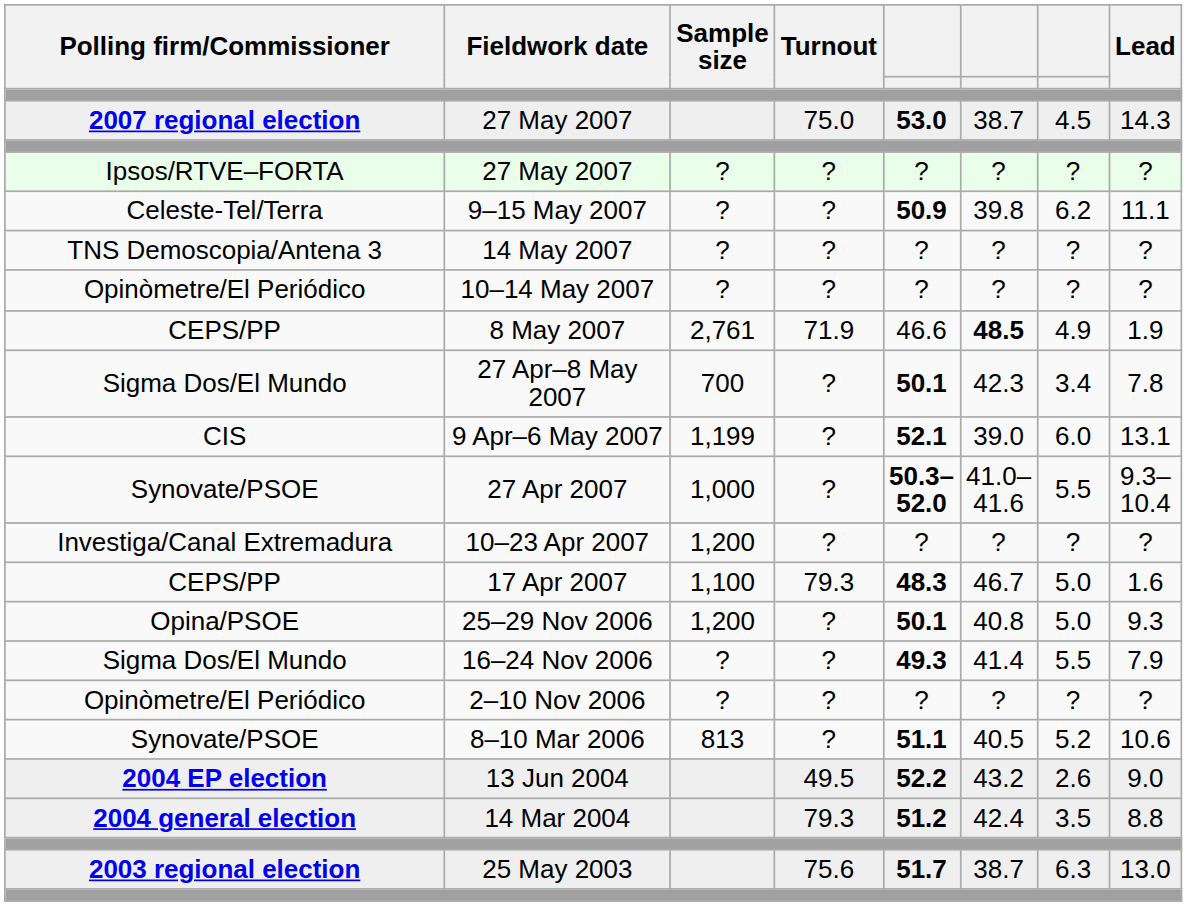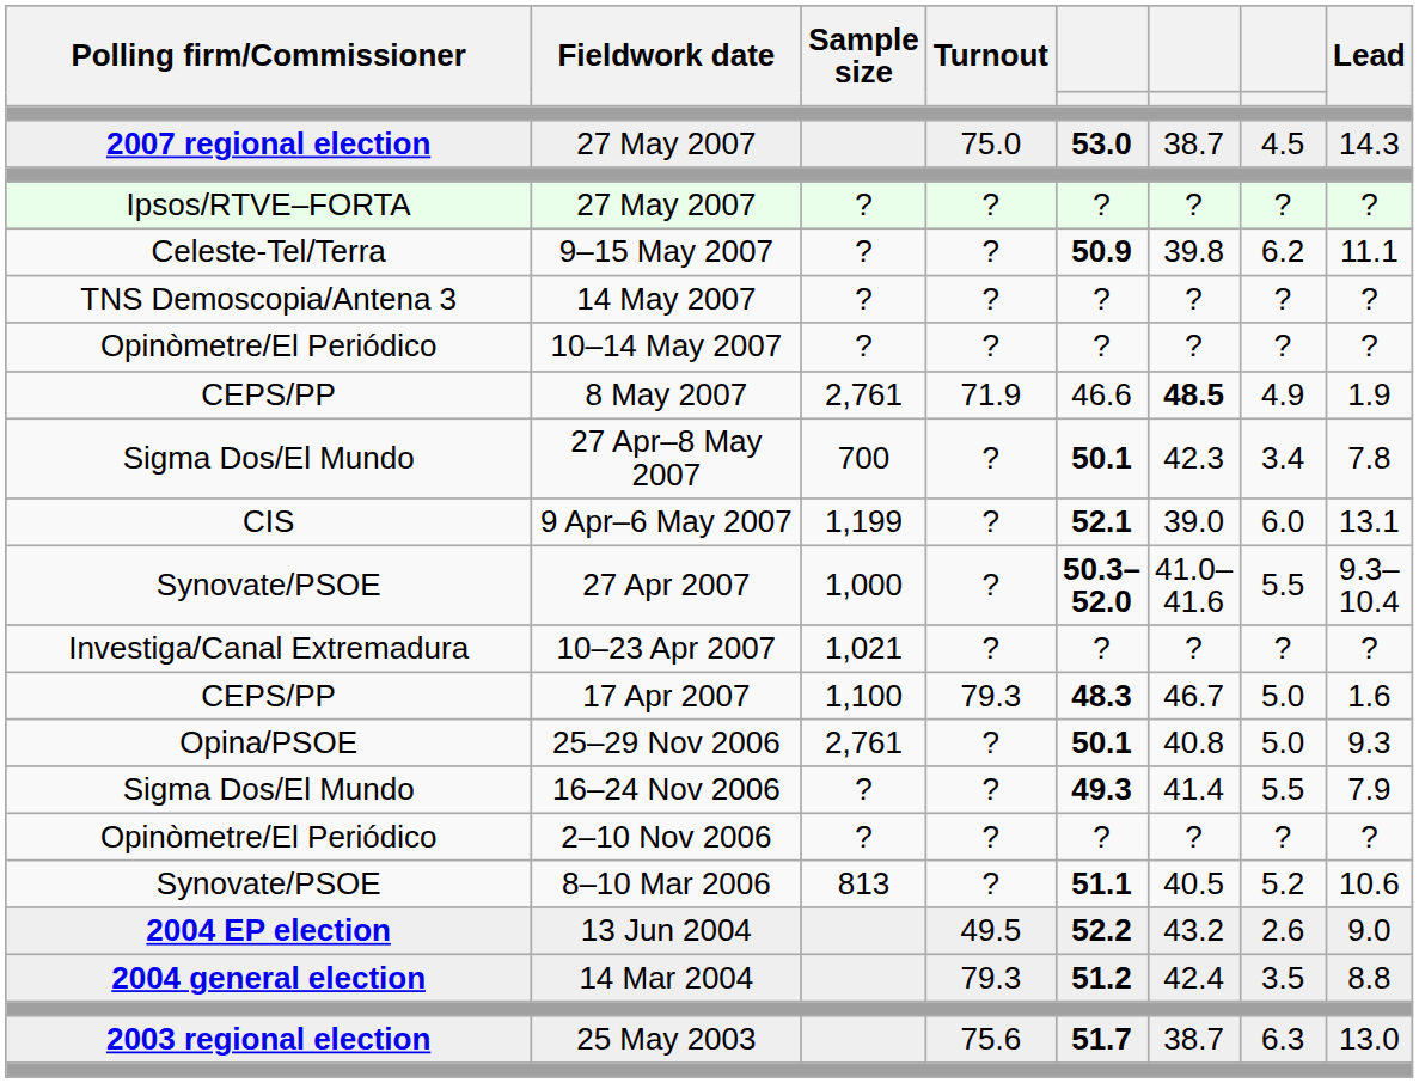 <table class="wikitable collapsible collapsed" style="text-align:center; font-size:95%; line-height:16px;">
 <tr style="height:42px;">
 <th style="width:250px;" rowspan="2">Polling firm/Commissioner</th>
 <th style="width:125px;" rowspan="2">Fieldwork date</th>
 <th style="width:50px;" rowspan="2">Sample size</th>
 <th style="width:45px;" rowspan="2">Turnout</th>
 <th style="width:35px;"></th>
 <th style="width:35px;"></th>
 <th style="width:35px;"></th>
 <th style="width:30px;" rowspan="2">Lead</th>
 </tr>
 <tr>
 <th style="color:inherit;background:"></th>
 <th style="color:inherit;background:"></th>
 <th style="color:inherit;background:"></th>
 </tr>
 <tr>
 <td colspan="8" style="background:#A0A0A0"></td>
 </tr>
 <tr style="background:#EFEFEF;">
 <td><strong><a href='#'>2007 regional election</a></strong></td>
 <td>27 May 2007</td>
 <td></td>
 <td>75.0</td>
 <td><strong>53.0</strong><br></td>
 <td>38.7<br></td>
 <td>4.5<br></td>
 <td style="background:">14.3</td>
 </tr>
 <tr>
 <td colspan="8" style="background:#A0A0A0"></td>
 </tr>
 <tr style="background:#EAFFEA;">
 <td>Ipsos/RTVE–FORTA</td>
 <td>27 May 2007</td>
 <td>?</td>
 <td>?</td>
 <td>?<br></td>
 <td>?<br></td>
 <td>?<br></td>
 <td style="background:">?</td>
 </tr>
 <tr>
 <td>Celeste-Tel/Terra</td>
 <td>9–15 May 2007</td>
 <td>?</td>
 <td>?</td>
 <td><strong>50.9</strong><br></td>
 <td>39.8<br></td>
 <td>6.2<br></td>
 <td style="background:">11.1</td>
 </tr>
 <tr>
 <td>TNS Demoscopia/Antena 3</td>
 <td>14 May 2007</td>
 <td>?</td>
 <td>?</td>
 <td>?<br></td>
 <td>?<br></td>
 <td>?<br></td>
 <td style="background:">?</td>
 </tr>
 <tr>
 <td>Opinòmetre/El Periódico</td>
 <td>10–14 May 2007</td>
 <td>?</td>
 <td>?</td>
 <td>?<br></td>
 <td>?<br></td>
 <td>?<br></td>
 <td style="background:">?</td>
 </tr>
 <tr>
 <td>CEPS/PP</td>
 <td>8 May 2007</td>
 <td>2,761</td>
 <td>71.9</td>
 <td>46.6<br></td>
 <td><strong>48.5</strong><br></td>
 <td>4.9<br></td>
 <td style="background:">1.9</td>
 </tr>
 <tr>
 <td>Sigma Dos/El Mundo</td>
 <td>27 Apr–8 May 2007</td>
 <td>700</td>
 <td>?</td>
 <td><strong>50.1</strong><br></td>
 <td>42.3<br></td>
 <td>3.4<br></td>
 <td style="background:">7.8</td>
 </tr>
 <tr>
 <td>CIS</td>
 <td>9 Apr–6 May 2007</td>
 <td>1,199</td>
 <td>?</td>
 <td><strong>52.1</strong><br></td>
 <td>39.0<br></td>
 <td>6.0<br></td>
 <td style="background:">13.1</td>
 </tr>
 <tr>
 <td>Synovate/PSOE</td>
 <td>27 Apr 2007</td>
 <td>1,000</td>
 <td>?</td>
 <td><strong>50.3–<br>52.0</strong><br></td>
 <td>41.0–<br>41.6<br></td>
 <td>5.5<br></td>
 <td style="background:">9.3–<br>10.4</td>
 </tr>
 <tr>
 <td>Investiga/Canal Extremadura</td>
 <td>10–23 Apr 2007</td>
-<td>1,200</td>
+<td>1,021</td>
 <td>?</td>
 <td>?<br></td>
 <td>?<br></td>
 <td>?<br></td>
 <td style="background:">?</td>
 </tr>
 <tr>
 <td>CEPS/PP</td>
 <td>17 Apr 2007</td>
 <td>1,100</td>
 <td>79.3</td>
 <td><strong>48.3</strong><br></td>
 <td>46.7<br></td>
 <td>5.0<br></td>
 <td style="background:">1.6</td>
 </tr>
 <tr>
 <td>Opina/PSOE</td>
 <td>25–29 Nov 2006</td>
-<td>1,200</td>
+<td>2,761</td>
 <td>?</td>
 <td><strong>50.1</strong><br></td>
 <td>40.8<br></td>
 <td>5.0<br></td>
 <td style="background:">9.3</td>
 </tr>
 <tr>
 <td>Sigma Dos/El Mundo</td>
 <td>16–24 Nov 2006</td>
 <td>?</td>
 <td>?</td>
 <td><strong>49.3</strong><br></td>
 <td>41.4<br></td>
 <td>5.5<br></td>
 <td style="background:">7.9</td>
 </tr>
 <tr>
 <td>Opinòmetre/El Periódico</td>
 <td>2–10 Nov 2006</td>
 <td>?</td>
 <td>?</td>
 <td>?<br></td>
 <td>?<br></td>
 <td>?<br></td>
 <td style="background:">?</td>
 </tr>
 <tr>
 <td>Synovate/PSOE</td>
 <td>8–10 Mar 2006</td>
 <td>813</td>
 <td>?</td>
 <td><strong>51.1</strong><br></td>
 <td>40.5<br></td>
 <td>5.2<br></td>
 <td style="background:">10.6</td>
 </tr>
 <tr style="background:#EFEFEF;">
 <td><strong><a href='#'>2004 EP election</a></strong></td>
 <td>13 Jun 2004</td>
 <td></td>
 <td>49.5</td>
 <td><strong>52.2</strong><br></td>
 <td>43.2<br></td>
 <td>2.6<br></td>
 <td style="background:">9.0</td>
 </tr>
 <tr style="background:#EFEFEF;">
 <td><strong><a href='#'>2004 general election</a></strong></td>
 <td>14 Mar 2004</td>
 <td></td>
 <td>79.3</td>
 <td><strong>51.2</strong><br></td>
 <td>42.4<br></td>
 <td>3.5<br></td>
 <td style="background:">8.8</td>
 </tr>
 <tr>
 <td colspan="8" style="background:#A0A0A0"></td>
 </tr>
 <tr style="background:#EFEFEF;">
 <td><strong><a href='#'>2003 regional election</a></strong></td>
 <td>25 May 2003</td>
 <td></td>
 <td>75.6</td>
 <td><strong>51.7</strong><br></td>
 <td>38.7<br></td>
 <td>6.3<br></td>
 <td style="background:">13.0</td>
 </tr>
 <tr>
 <td colspan="8" style="background:#A0A0A0"></td>
 </tr>
 </table>
